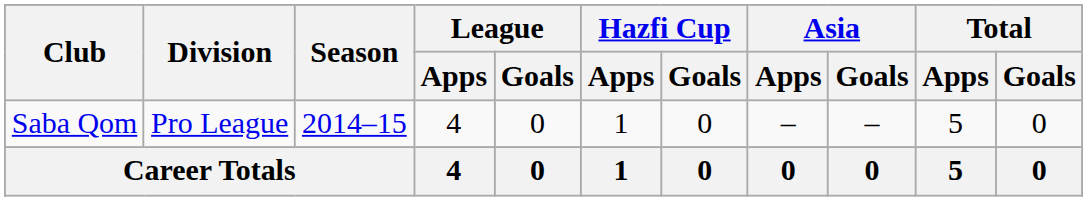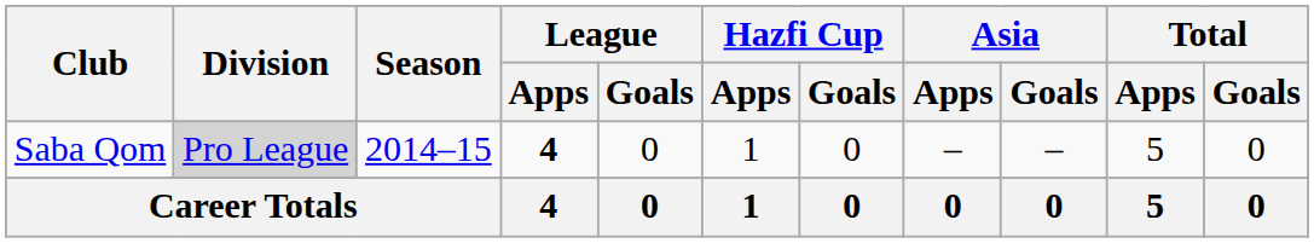 <table class="wikitable" style="text-align: center;">
 <tr>
 <th rowspan="2">Club</th>
 <th rowspan="2">Division</th>
 <th rowspan="2">Season</th>
 <th colspan="2">League</th>
 <th colspan="2"><a href='#'>Hazfi Cup</a></th>
 <th colspan="2"><a href='#'>Asia</a></th>
 <th colspan="2">Total</th>
 </tr>
 <tr>
 <th>Apps</th>
 <th>Goals</th>
 <th>Apps</th>
 <th>Goals</th>
 <th>Apps</th>
 <th>Goals</th>
 <th>Apps</th>
 <th>Goals</th>
 </tr>
 <tr>
 <td><a href='#'>Saba Qom</a></td>
-<td><a href='#'>Pro League</a></td>
+<td style="background: lightgrey;"><a href='#'>Pro League</a></td>
 <td><a href='#'>2014–15</a></td>
-<td>4</td>
+<td><strong>4</strong></td>
 <td>0</td>
 <td>1</td>
 <td>0</td>
 <td>–</td>
 <td>–</td>
 <td>5</td>
 <td>0</td>
 </tr>
 <tr>
 <th colspan=3>Career Totals</th>
 <th>4</th>
 <th>0</th>
 <th>1</th>
 <th>0</th>
 <th>0</th>
 <th>0</th>
 <th>5</th>
 <th>0</th>
 </tr>
 </table>
